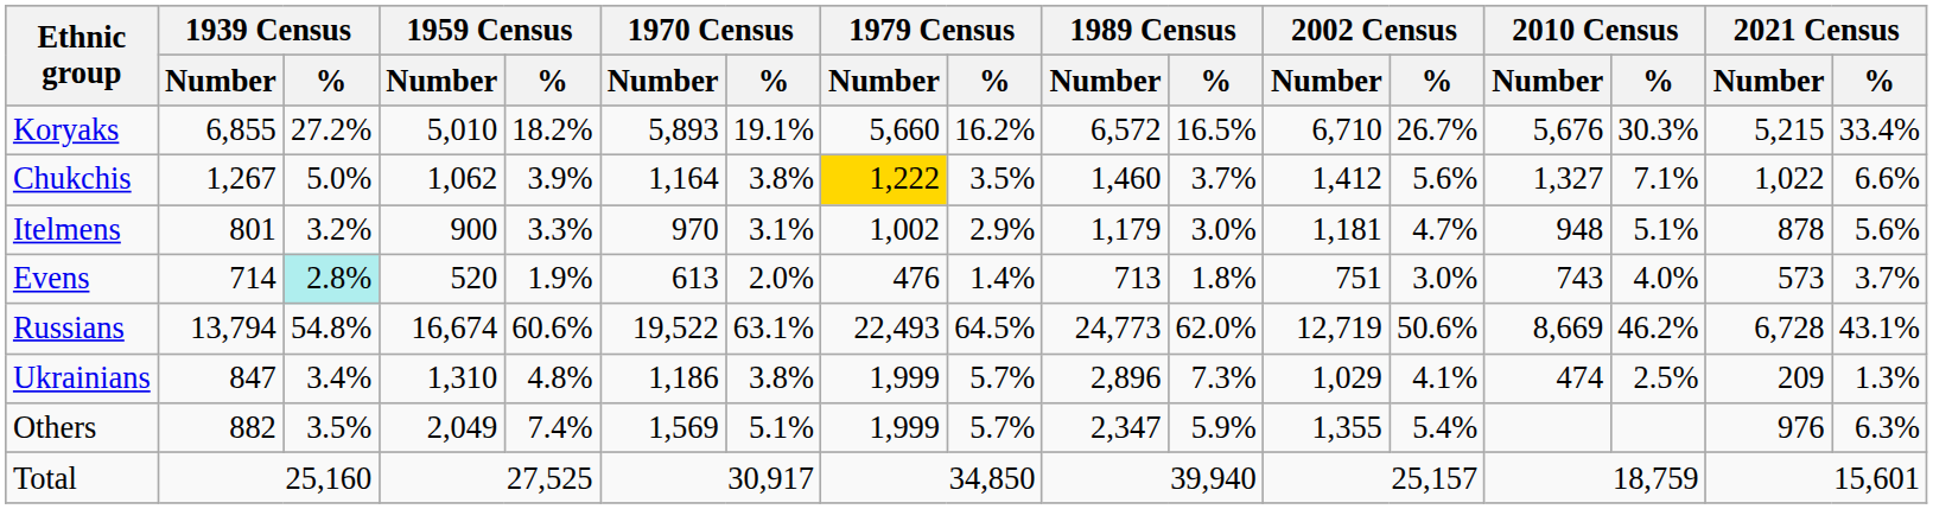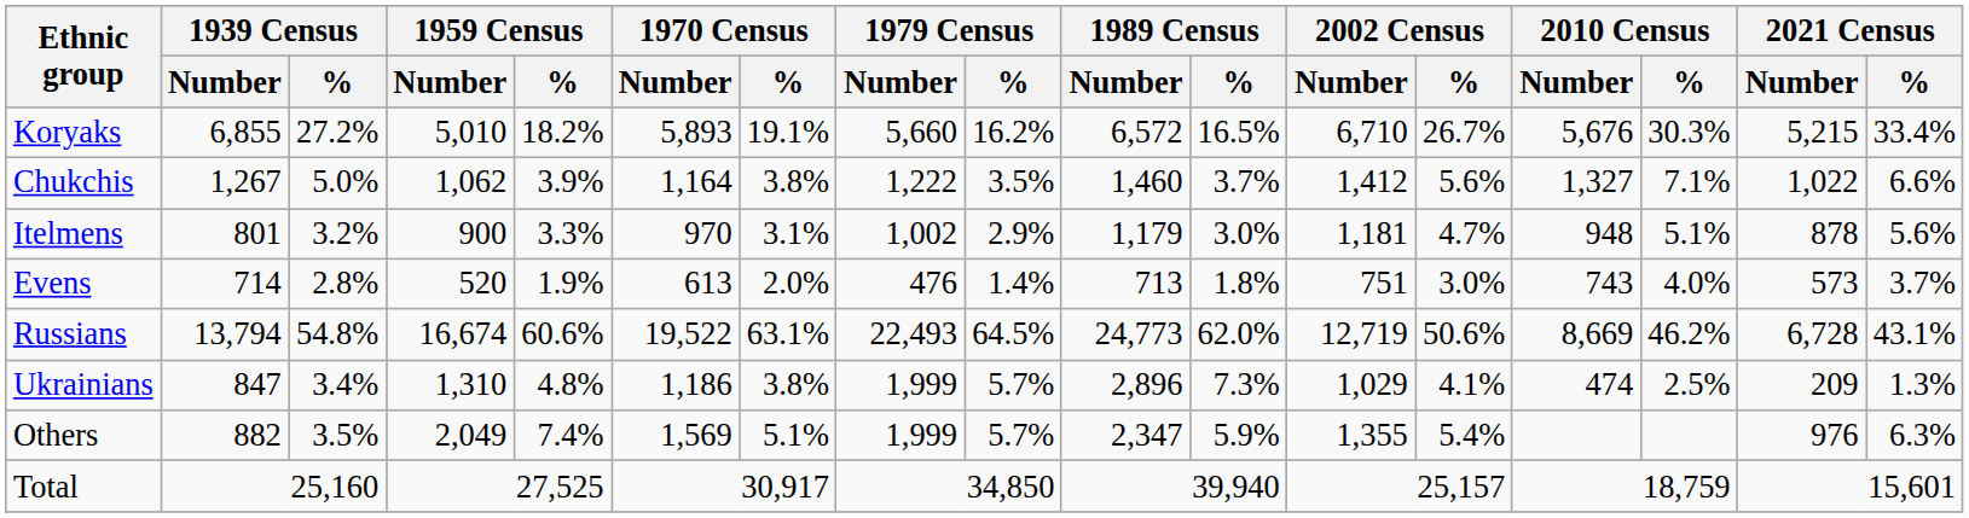 <table class="wikitable" style="text-align: right;">
 <tr bgcolor="#e0e0e0">
 <th rowspan="2">Ethnic<br>group</th>
 <th colspan="2">1939 Census</th>
 <th colspan="2">1959 Census</th>
 <th colspan="2">1970 Census</th>
 <th colspan="2">1979 Census</th>
 <th colspan="2">1989 Census</th>
 <th colspan="2">2002 Census</th>
 <th colspan="2">2010 Census</th>
 <th colspan="2">2021 Census</th>
 </tr>
 <tr bgcolor="#e0e0e0">
 <th>Number</th>
 <th>%</th>
 <th>Number</th>
 <th>%</th>
 <th>Number</th>
 <th>%</th>
 <th>Number</th>
 <th>%</th>
 <th>Number</th>
 <th>%</th>
 <th>Number</th>
 <th>%</th>
 <th>Number</th>
 <th>%</th>
 <th>Number</th>
 <th>%</th>
 </tr>
 <tr>
 <td align="left"><a href='#'>Koryaks</a></td>
 <td>6,855</td>
 <td>27.2%</td>
 <td>5,010</td>
 <td>18.2%</td>
 <td>5,893</td>
 <td>19.1%</td>
 <td>5,660</td>
 <td>16.2%</td>
 <td>6,572</td>
 <td>16.5%</td>
 <td>6,710</td>
 <td>26.7%</td>
 <td>5,676</td>
 <td>30.3%</td>
 <td>5,215</td>
 <td>33.4%</td>
 </tr>
 <tr>
 <td align="left"><a href='#'>Chukchis</a></td>
 <td>1,267</td>
 <td>5.0%</td>
 <td>1,062</td>
 <td>3.9%</td>
 <td>1,164</td>
 <td>3.8%</td>
-<td style="background: gold;">1,222</td>
+<td>1,222</td>
 <td>3.5%</td>
 <td>1,460</td>
 <td>3.7%</td>
 <td>1,412</td>
 <td>5.6%</td>
 <td>1,327</td>
 <td>7.1%</td>
 <td>1,022</td>
 <td>6.6%</td>
 </tr>
 <tr>
 <td align="left"><a href='#'>Itelmens</a></td>
 <td>801</td>
 <td>3.2%</td>
 <td>900</td>
 <td>3.3%</td>
 <td>970</td>
 <td>3.1%</td>
 <td>1,002</td>
 <td>2.9%</td>
 <td>1,179</td>
 <td>3.0%</td>
 <td>1,181</td>
 <td>4.7%</td>
 <td>948</td>
 <td>5.1%</td>
 <td>878</td>
 <td>5.6%</td>
 </tr>
 <tr>
 <td align="left"><a href='#'>Evens</a></td>
 <td>714</td>
-<td style="background: paleturquoise;">2.8%</td>
+<td>2.8%</td>
 <td>520</td>
 <td>1.9%</td>
 <td>613</td>
 <td>2.0%</td>
 <td>476</td>
 <td>1.4%</td>
 <td>713</td>
 <td>1.8%</td>
 <td>751</td>
 <td>3.0%</td>
 <td>743</td>
 <td>4.0%</td>
 <td>573</td>
 <td>3.7%</td>
 </tr>
 <tr>
 <td align="left"><a href='#'>Russians</a></td>
 <td>13,794</td>
 <td>54.8%</td>
 <td>16,674</td>
 <td>60.6%</td>
 <td>19,522</td>
 <td>63.1%</td>
 <td>22,493</td>
 <td>64.5%</td>
 <td>24,773</td>
 <td>62.0%</td>
 <td>12,719</td>
 <td>50.6%</td>
 <td>8,669</td>
 <td>46.2%</td>
 <td>6,728</td>
 <td>43.1%</td>
 </tr>
 <tr>
 <td align="left"><a href='#'>Ukrainians</a></td>
 <td>847</td>
 <td>3.4%</td>
 <td>1,310</td>
 <td>4.8%</td>
 <td>1,186</td>
 <td>3.8%</td>
 <td>1,999</td>
 <td>5.7%</td>
 <td>2,896</td>
 <td>7.3%</td>
 <td>1,029</td>
 <td>4.1%</td>
 <td>474</td>
 <td>2.5%</td>
 <td>209</td>
 <td>1.3%</td>
 </tr>
 <tr>
 <td align="left">Others</td>
 <td>882</td>
 <td>3.5%</td>
 <td>2,049</td>
 <td>7.4%</td>
 <td>1,569</td>
 <td>5.1%</td>
 <td>1,999</td>
 <td>5.7%</td>
 <td>2,347</td>
 <td>5.9%</td>
 <td>1,355</td>
 <td>5.4%</td>
 <td></td>
 <td></td>
 <td>976</td>
 <td>6.3%</td>
 </tr>
 <tr>
 <td align="left">Total</td>
 <td colspan="2">25,160</td>
 <td colspan="2">27,525</td>
 <td colspan="2">30,917</td>
 <td colspan="2">34,850</td>
 <td colspan="2">39,940</td>
 <td colspan="2">25,157</td>
 <td colspan="2">18,759</td>
 <td colspan="2">15,601</td>
 </tr>
 </table>
